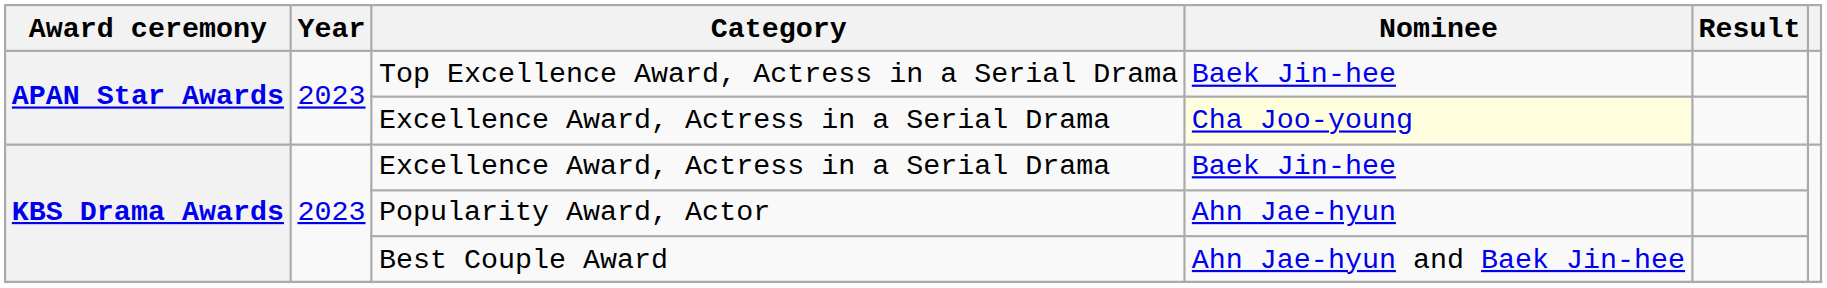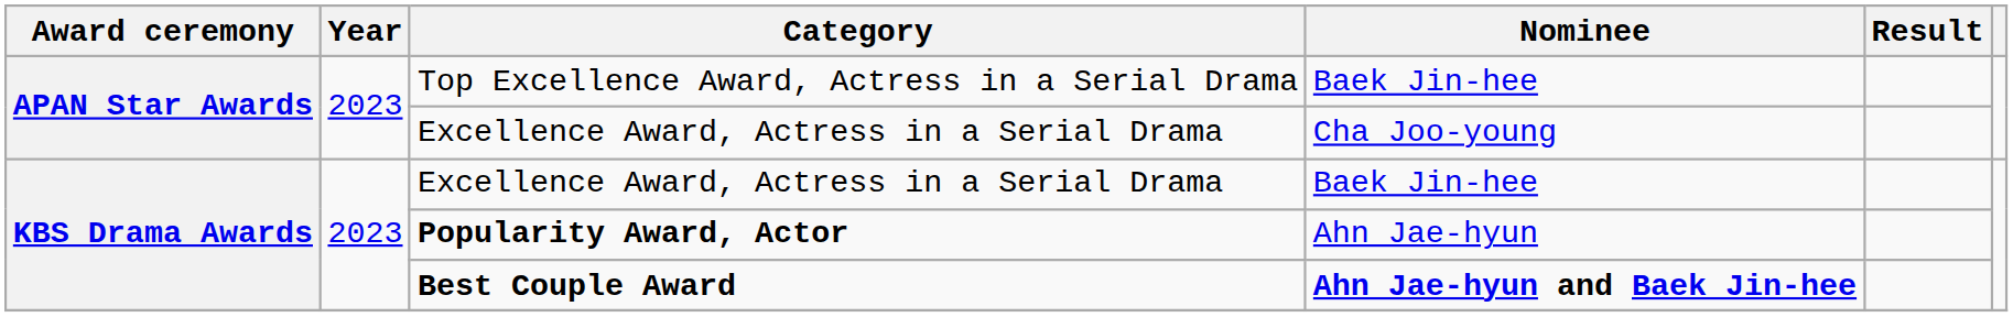 <table class="wikitable plainrowheaders sortable">
 <tr>
 <th scope="col">Award ceremony</th>
 <th scope="col">Year</th>
 <th scope="col">Category</th>
 <th scope="col">Nominee</th>
 <th scope="col">Result</th>
 <th scope="col" class="unsortable"></th>
 </tr>
 <tr>
 <th rowspan="2" scope="row"><a href='#'>APAN Star Awards</a></th>
 <td rowspan="2"><a href='#'>2023</a></td>
 <td>Top Excellence Award, Actress in a Serial Drama</td>
 <td><a href='#'>Baek Jin-hee</a></td>
 <td></td>
 <td style="text-align:center" rowspan=2></td>
 </tr>
 <tr>
 <td>Excellence Award, Actress in a Serial Drama</td>
-<td style="background: lightyellow;"><a href='#'>Cha Joo-young</a></td>
+<td><a href='#'>Cha Joo-young</a></td>
 <td></td>
 </tr>
 <tr>
 <th rowspan="3" scope="row"><a href='#'>KBS Drama Awards</a></th>
 <td rowspan="3"><a href='#'>2023</a></td>
 <td>Excellence Award, Actress in a Serial Drama</td>
 <td><a href='#'>Baek Jin-hee</a></td>
 <td></td>
 <td style="text-align:center" rowspan=3></td>
 </tr>
 <tr>
-<td>Popularity Award, Actor</td>
+<td><strong>Popularity Award, Actor</strong></td>
 <td><a href='#'>Ahn Jae-hyun</a></td>
 <td></td>
 </tr>
 <tr>
-<td>Best Couple Award</td>
-<td><a href='#'>Ahn Jae-hyun</a> and <a href='#'>Baek Jin-hee</a></td>
+<td><strong>Best Couple Award</strong></td>
+<td><strong><a href='#'>Ahn Jae-hyun</a> and <a href='#'>Baek Jin-hee</a></strong></td>
 <td></td>
 </tr>
 <tr>
 </tr>
 </table>
